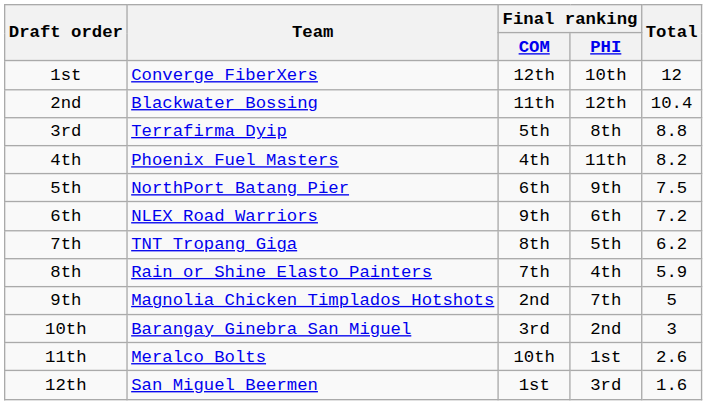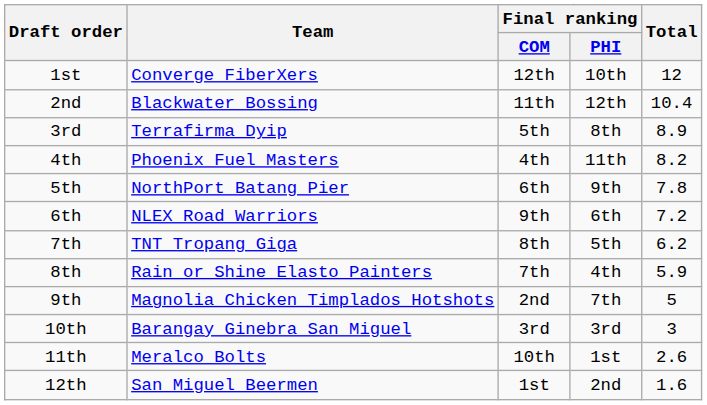 <table class=wikitable style="text-align:center;">
 <tr>
 <th rowspan=2>Draft order</th>
 <th rowspan=2>Team</th>
 <th colspan=2>Final ranking</th>
 <th rowspan=2>Total</th>
 </tr>
 <tr>
 <th><a href='#'>COM</a></th>
 <th><a href='#'>PHI</a></th>
 </tr>
 <tr>
 <td>1st</td>
 <td align="left"><a href='#'>Converge FiberXers</a></td>
 <td>12th</td>
 <td>10th</td>
 <td>12</td>
 </tr>
 <tr>
 <td>2nd</td>
 <td align="left"><a href='#'>Blackwater Bossing</a></td>
 <td>11th</td>
 <td>12th</td>
 <td>10.4</td>
 </tr>
 <tr>
 <td>3rd</td>
 <td align="left"><a href='#'>Terrafirma Dyip</a></td>
 <td>5th</td>
 <td>8th</td>
-<td>8.8</td>
+<td>8.9</td>
 </tr>
 <tr>
 <td>4th</td>
 <td align="left"><a href='#'>Phoenix Fuel Masters</a></td>
 <td>4th</td>
 <td>11th</td>
 <td>8.2</td>
 </tr>
 <tr>
 <td>5th</td>
 <td align="left"><a href='#'>NorthPort Batang Pier</a></td>
 <td>6th</td>
 <td>9th</td>
-<td>7.5</td>
+<td>7.8</td>
 </tr>
 <tr>
 <td>6th</td>
 <td align="left"><a href='#'>NLEX Road Warriors</a></td>
 <td>9th</td>
 <td>6th</td>
 <td>7.2</td>
 </tr>
 <tr>
 <td>7th</td>
 <td align="left"><a href='#'>TNT Tropang Giga</a></td>
 <td>8th</td>
 <td>5th</td>
 <td>6.2</td>
 </tr>
 <tr>
 <td>8th</td>
 <td align="left"><a href='#'>Rain or Shine Elasto Painters</a></td>
 <td>7th</td>
 <td>4th</td>
 <td>5.9</td>
 </tr>
 <tr>
 <td>9th</td>
 <td align="left"><a href='#'>Magnolia Chicken Timplados Hotshots</a></td>
 <td>2nd</td>
 <td>7th</td>
 <td>5</td>
 </tr>
 <tr>
 <td>10th</td>
 <td align="left"><a href='#'>Barangay Ginebra San Miguel</a></td>
 <td>3rd</td>
-<td>2nd</td>
+<td>3rd</td>
 <td>3</td>
 </tr>
 <tr>
 <td>11th</td>
 <td align="left"><a href='#'>Meralco Bolts</a></td>
 <td>10th</td>
 <td>1st</td>
 <td>2.6</td>
 </tr>
 <tr>
 <td>12th</td>
 <td align="left"><a href='#'>San Miguel Beermen</a></td>
 <td>1st</td>
-<td>3rd</td>
+<td>2nd</td>
 <td>1.6</td>
 </tr>
 </table>
